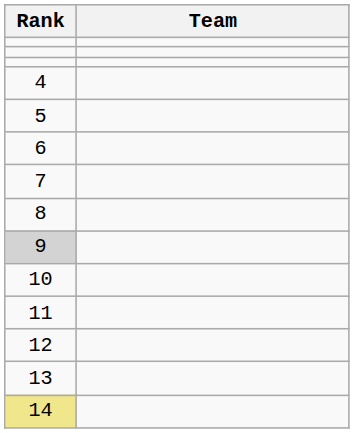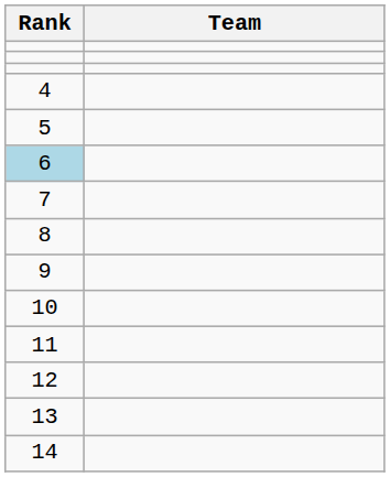 <table class="wikitable" style="text-align: center;">
 <tr>
 <th width=40>Rank</th>
 <th width=170>Team</th>
 </tr>
 <tr>
 <td></td>
 <td align="left"></td>
 </tr>
 <tr>
 <td></td>
 <td align="left"></td>
 </tr>
 <tr>
 <td></td>
 <td align="left"></td>
 </tr>
 <tr>
 <td>4</td>
 <td align="left"></td>
 </tr>
 <tr>
 <td>5</td>
 <td align="left"></td>
 </tr>
 <tr>
-<td>6</td>
+<td style="background: lightblue;">6</td>
 <td align="left"></td>
 </tr>
 <tr>
 <td>7</td>
 <td align="left"></td>
 </tr>
 <tr>
 <td>8</td>
 <td align="left"></td>
 </tr>
 <tr>
-<td style="background: lightgrey;">9</td>
+<td>9</td>
 <td align="left"></td>
 </tr>
 <tr>
 <td>10</td>
 <td align="left"></td>
 </tr>
 <tr>
 <td>11</td>
 <td align="left"></td>
 </tr>
 <tr>
 <td>12</td>
 <td align="left"></td>
 </tr>
 <tr>
 <td>13</td>
 <td align="left"></td>
 </tr>
 <tr>
-<td style="background: khaki;">14</td>
+<td>14</td>
 <td align="left"></td>
 </tr>
 </table>
